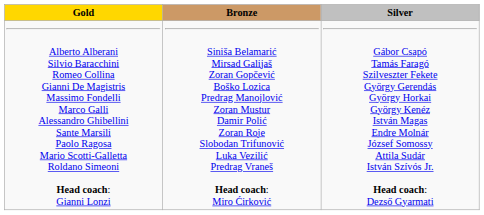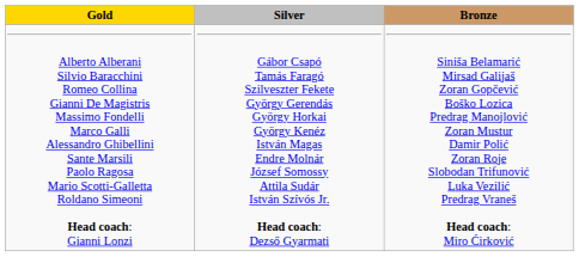 <table class="wikitable">
 <tr>
 <th style="text-align:center; width:15em; background-color:gold;">Gold</th>
+<th style="text-align:center; width:15em; background-color:silver;">Silver</th>
 <th style="text-align:center; width:15em; background-color:#CC9966;">Bronze</th>
-<th style="text-align:center; width:15em; background-color:silver;">Silver</th>
 </tr>
 <tr>
 <td style="text-align:center; vertical-align:top;"><strong></strong> <hr><br><a href='#'>Alberto Alberani</a><br> <a href='#'>Silvio Baracchini</a><br> <a href='#'>Romeo Collina</a><br> <a href='#'>Gianni De Magistris</a><br> <a href='#'>Massimo Fondelli</a><br> <a href='#'>Marco Galli</a><br> <a href='#'>Alessandro Ghibellini</a><br> <a href='#'>Sante Marsili</a><br> <a href='#'>Paolo Ragosa</a><br> <a href='#'>Mario Scotti-Galletta</a><br> <a href='#'>Roldano Simeoni</a><br><br><strong>Head coach</strong>: <br><a href='#'>Gianni Lonzi</a></td>
+<td style="text-align:center; vertical-align:top;"><strong></strong> <hr><br><a href='#'>Gábor Csapó</a><br> <a href='#'>Tamás Faragó</a><br> <a href='#'>Szilveszter Fekete</a><br> <a href='#'>György Gerendás</a><br> <a href='#'>György Horkai</a><br> <a href='#'>György Kenéz</a><br> <a href='#'>István Magas</a><br> <a href='#'>Endre Molnár</a><br> <a href='#'>József Somossy</a><br> <a href='#'>Attila Sudár</a><br> <a href='#'>István Szívós Jr.</a><br><br><strong>Head coach</strong>: <br><a href='#'>Dezső Gyarmati</a></td>
 <td style="text-align:center; vertical-align:top;"><strong></strong> <hr><br><a href='#'>Siniša Belamarić</a><br> <a href='#'>Mirsad Galijaš</a><br> <a href='#'>Zoran Gopčević</a><br> <a href='#'>Boško Lozica</a><br> <a href='#'>Predrag Manojlović</a><br> <a href='#'>Zoran Mustur</a><br> <a href='#'>Damir Polić</a><br> <a href='#'>Zoran Roje</a><br> <a href='#'>Slobodan Trifunović</a><br> <a href='#'>Luka Vezilić</a><br> <a href='#'>Predrag Vraneš</a><br><br><strong>Head coach</strong>: <br><a href='#'>Miro Ćirković</a></td>
-<td style="text-align:center; vertical-align:top;"><strong></strong> <hr><br><a href='#'>Gábor Csapó</a><br> <a href='#'>Tamás Faragó</a><br> <a href='#'>Szilveszter Fekete</a><br> <a href='#'>György Gerendás</a><br> <a href='#'>György Horkai</a><br> <a href='#'>György Kenéz</a><br> <a href='#'>István Magas</a><br> <a href='#'>Endre Molnár</a><br> <a href='#'>József Somossy</a><br> <a href='#'>Attila Sudár</a><br> <a href='#'>István Szívós Jr.</a><br><br><strong>Head coach</strong>: <br><a href='#'>Dezső Gyarmati</a></td>
 </tr>
 </table>
